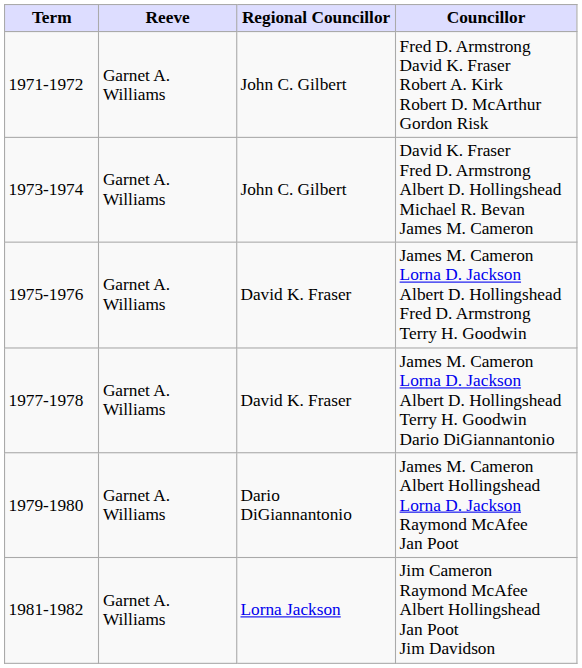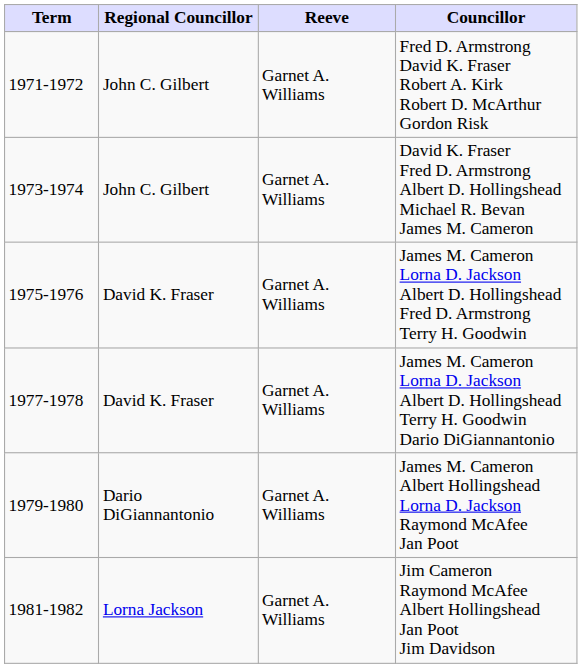 <table class="wikitable">
 <tr>
 <th style="background:#ddf; width:80px;">Term</th>
+<th style="background:#ddf; width:140px;">Regional Councillor</th>
 <th style="background:#ddf; width:120px;">Reeve</th>
-<th style="background:#ddf; width:140px;">Regional Councillor</th>
 <th style="background:#ddf; width:160px;">Councillor</th>
 </tr>
 <tr>
 <td>1971-1972</td>
+<td>John C. Gilbert</td>
 <td>Garnet A. Williams</td>
-<td>John C. Gilbert</td>
 <td>Fred D. Armstrong<br>David K. Fraser<br>Robert A. Kirk<br>Robert D. McArthur<br>Gordon Risk</td>
 </tr>
 <tr>
 <td>1973-1974</td>
+<td>John C. Gilbert</td>
 <td>Garnet A. Williams</td>
-<td>John C. Gilbert</td>
 <td>David K. Fraser<br>Fred D. Armstrong<br>Albert D. Hollingshead<br>Michael R. Bevan<br>James M. Cameron</td>
 </tr>
 <tr>
 <td>1975-1976</td>
+<td>David K. Fraser</td>
 <td>Garnet A. Williams</td>
-<td>David K. Fraser</td>
 <td>James M. Cameron<br><a href='#'>Lorna D. Jackson</a><br>Albert D. Hollingshead<br>Fred D. Armstrong<br>Terry H. Goodwin</td>
 </tr>
 <tr>
 <td>1977-1978</td>
+<td>David K. Fraser</td>
 <td>Garnet A. Williams</td>
-<td>David K. Fraser</td>
 <td>James M. Cameron<br><a href='#'>Lorna D. Jackson</a><br>Albert D. Hollingshead<br>Terry H. Goodwin<br>Dario DiGiannantonio</td>
 </tr>
 <tr>
 <td>1979-1980</td>
+<td>Dario DiGiannantonio</td>
 <td>Garnet A. Williams</td>
-<td>Dario DiGiannantonio</td>
 <td>James M. Cameron<br>Albert Hollingshead<br><a href='#'>Lorna D. Jackson</a><br>Raymond McAfee<br>Jan Poot</td>
 </tr>
 <tr>
 <td>1981-1982</td>
+<td><a href='#'>Lorna Jackson</a></td>
 <td>Garnet A. Williams</td>
-<td><a href='#'>Lorna Jackson</a></td>
 <td>Jim Cameron<br>Raymond McAfee<br>Albert Hollingshead<br>Jan Poot<br>Jim Davidson</td>
 </tr>
 </table>
